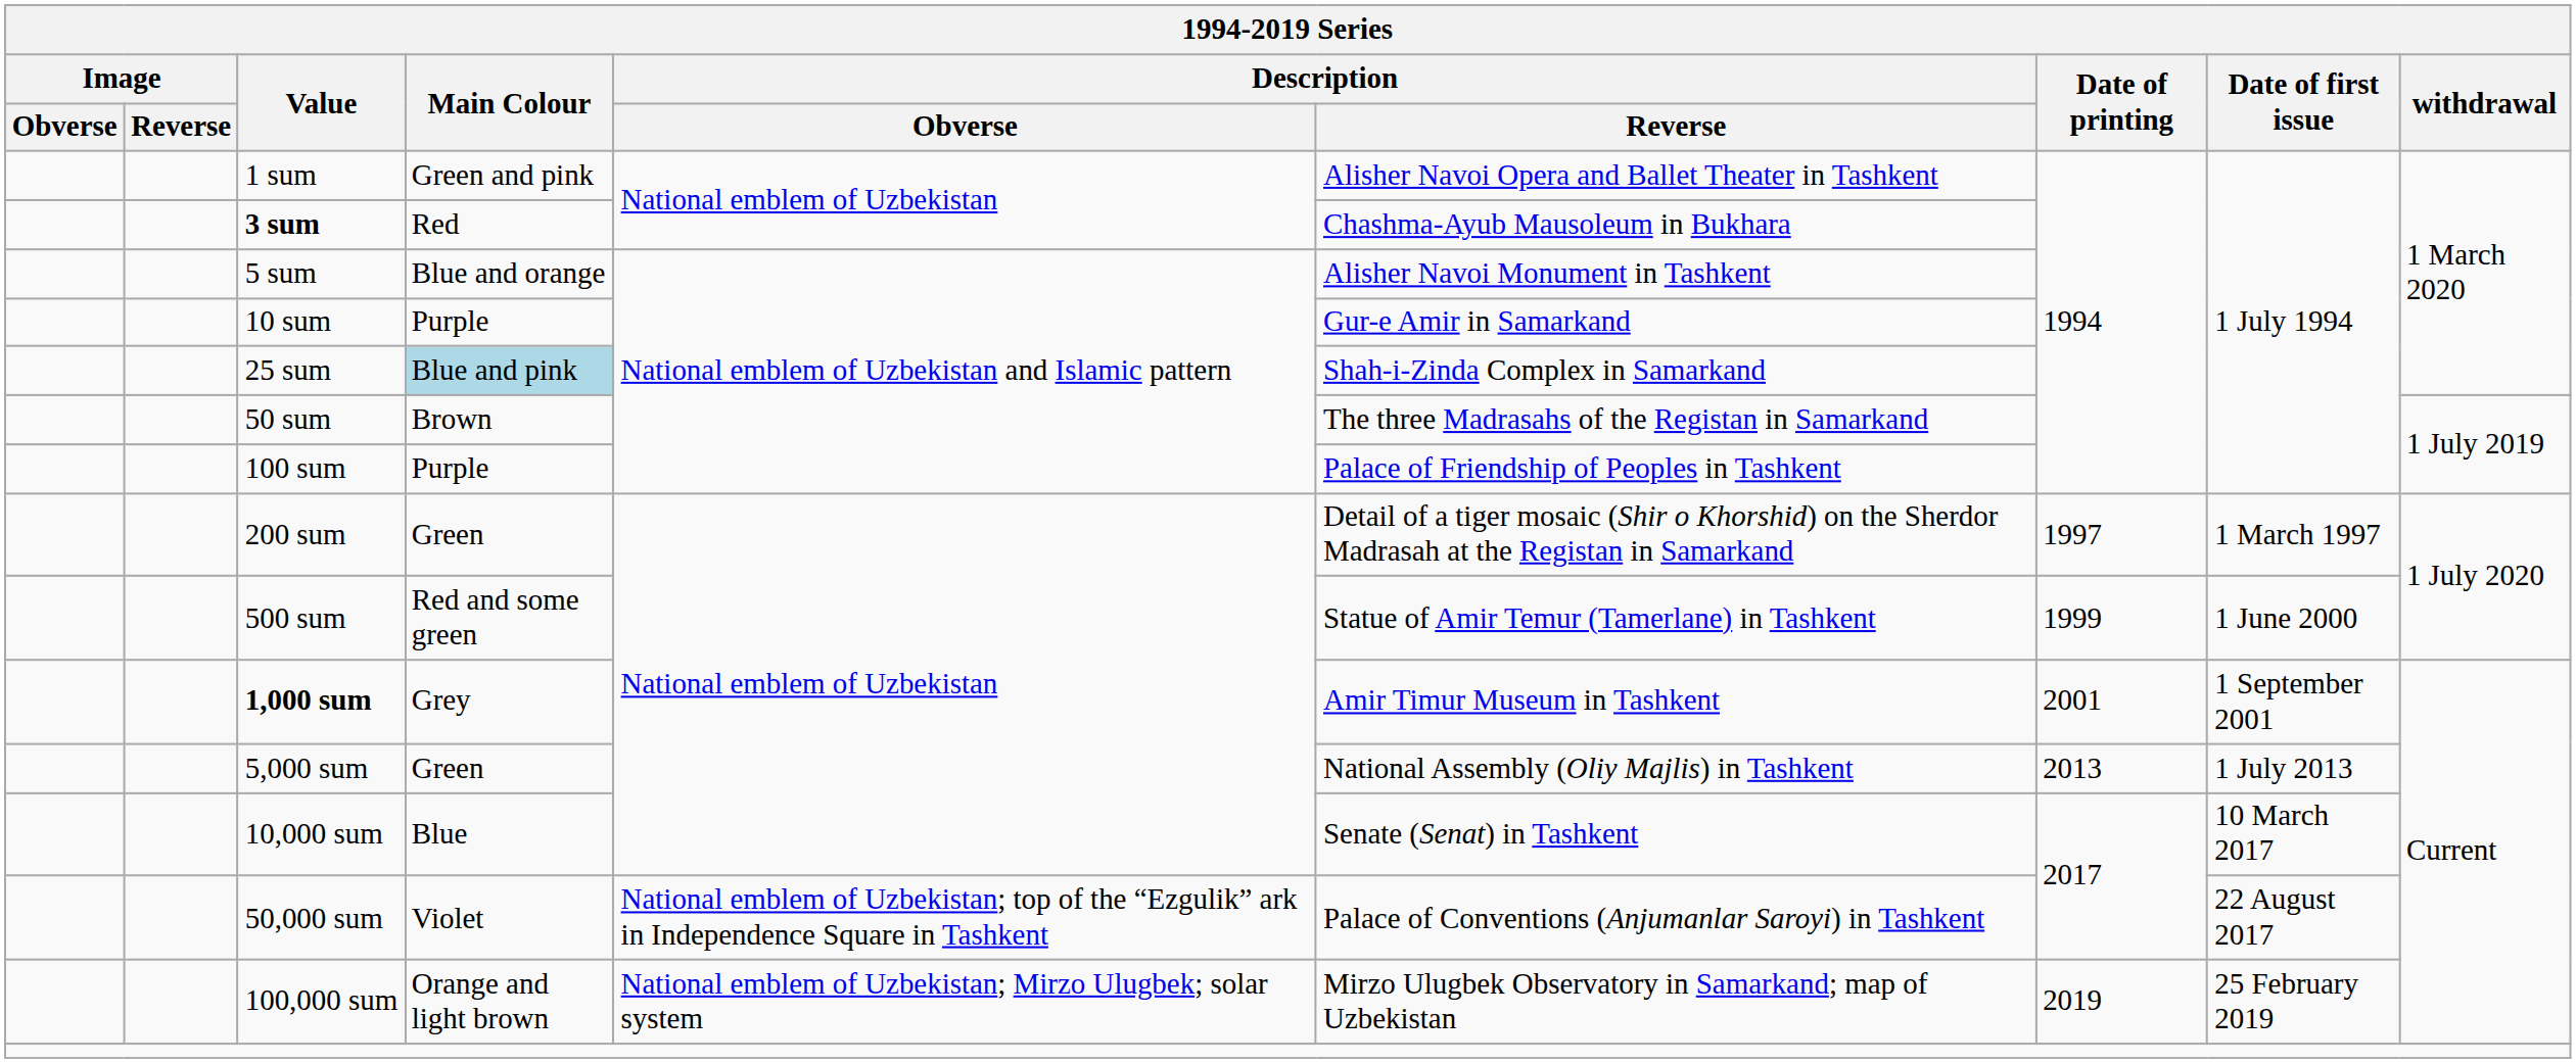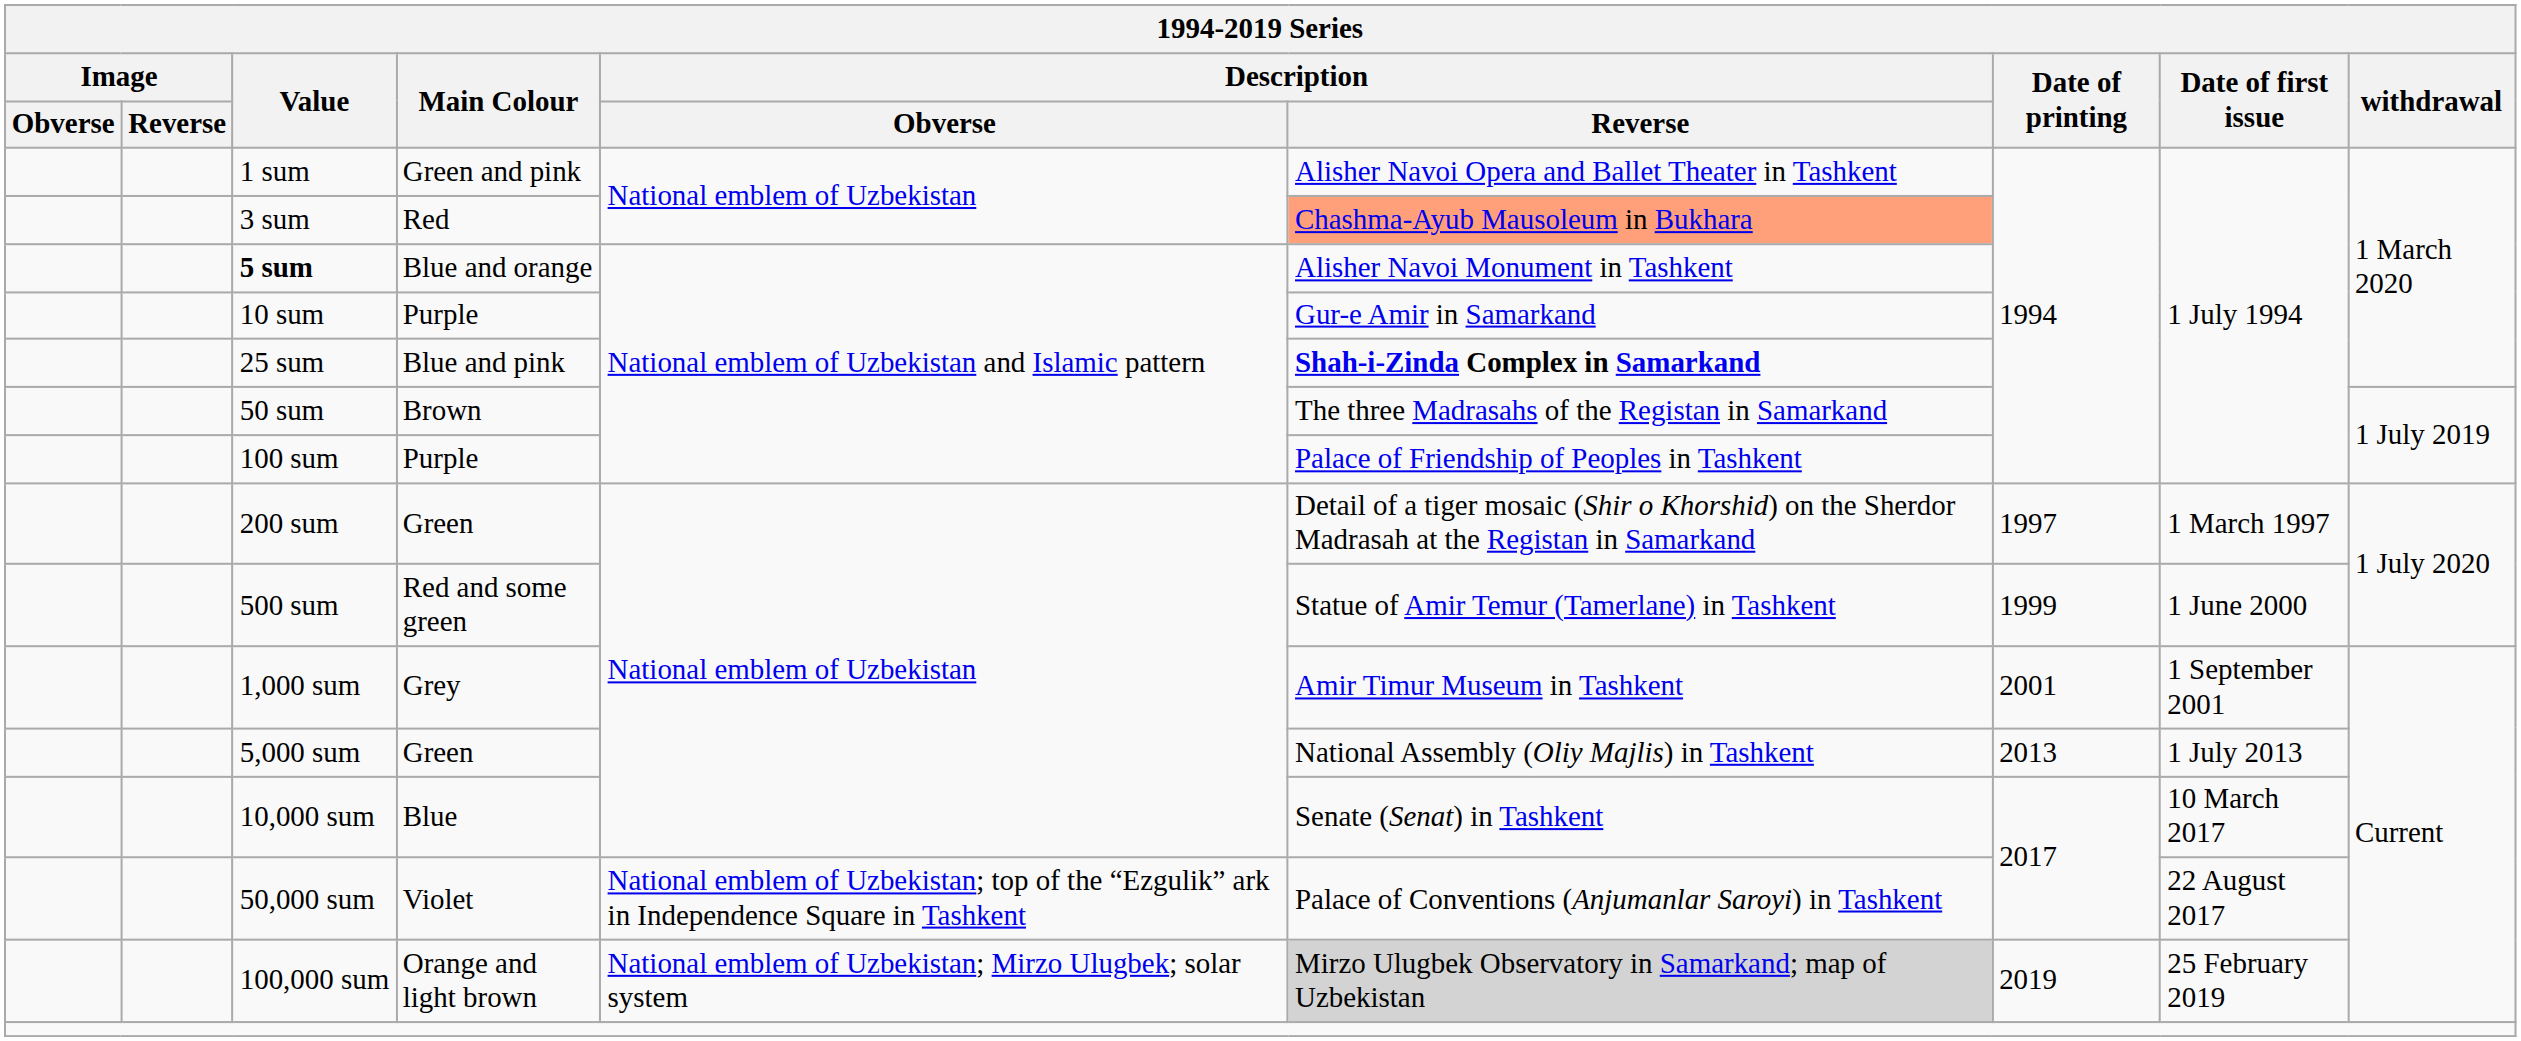 <table class="wikitable" style="font-size: 90%">
 <tr>
 <th colspan="9">1994-2019 Series</th>
 </tr>
 <tr>
 <th colspan="2">Image</th>
 <th rowspan="2">Value</th>
 <th rowspan="2">Main Colour</th>
 <th colspan="2">Description</th>
 <th rowspan="2">Date of printing</th>
 <th rowspan="2">Date of first issue</th>
 <th rowspan="2">withdrawal</th>
 </tr>
 <tr>
 <th>Obverse</th>
 <th>Reverse</th>
 <th>Obverse</th>
 <th>Reverse</th>
 </tr>
 <tr>
 <td align="center"></td>
 <td align="center"></td>
 <td>1 sum</td>
 <td>Green and pink</td>
 <td rowspan="2"><a href='#'>National emblem of Uzbekistan</a></td>
 <td><a href='#'>Alisher Navoi Opera and Ballet Theater</a> in <a href='#'>Tashkent</a></td>
 <td rowspan="7">1994</td>
 <td rowspan="7">1 July 1994</td>
 <td rowspan="5">1 March 2020</td>
 </tr>
 <tr>
 <td align="center"></td>
 <td align="center"></td>
-<td><strong>3 sum</strong></td>
+<td>3 sum</td>
 <td>Red</td>
-<td><a href='#'>Chashma-Ayub Mausoleum</a> in <a href='#'>Bukhara</a></td>
+<td style="background: lightsalmon;"><a href='#'>Chashma-Ayub Mausoleum</a> in <a href='#'>Bukhara</a></td>
 </tr>
 <tr>
 <td align="center"></td>
 <td align="center"></td>
-<td>5 sum</td>
+<td><strong>5 sum</strong></td>
 <td>Blue and orange</td>
 <td rowspan="5"><a href='#'>National emblem of Uzbekistan</a> and <a href='#'>Islamic</a> pattern</td>
 <td><a href='#'>Alisher Navoi Monument</a> in <a href='#'>Tashkent</a></td>
 </tr>
 <tr>
 <td align="center"></td>
 <td align="center"></td>
 <td>10 sum</td>
 <td>Purple</td>
 <td><a href='#'>Gur-e Amir</a> in <a href='#'>Samarkand</a></td>
 </tr>
 <tr>
 <td align="center"></td>
 <td align="center"></td>
 <td>25 sum</td>
-<td style="background: lightblue;">Blue and pink</td>
-<td><a href='#'>Shah-i-Zinda</a> Complex in <a href='#'>Samarkand</a></td>
+<td>Blue and pink</td>
+<td><strong><a href='#'>Shah-i-Zinda</a> Complex in <a href='#'>Samarkand</a></strong></td>
 </tr>
 <tr>
 <td align="center"></td>
 <td align="center"></td>
 <td>50 sum</td>
 <td>Brown</td>
 <td>The three <a href='#'>Madrasahs</a> of the <a href='#'>Registan</a> in <a href='#'>Samarkand</a></td>
 <td rowspan="2">1 July 2019</td>
 </tr>
 <tr>
 <td align="center"></td>
 <td align="center"></td>
 <td>100 sum</td>
 <td>Purple</td>
 <td><a href='#'>Palace of Friendship of Peoples</a> in <a href='#'>Tashkent</a></td>
 </tr>
 <tr>
 <td align="center"></td>
 <td align="center"></td>
 <td>200 sum</td>
 <td>Green</td>
 <td rowspan="5"><a href='#'>National emblem of Uzbekistan</a></td>
 <td>Detail of a tiger mosaiс (<em>Shir o Khorshid</em>) on the Sherdor Madrasah at the <a href='#'>Registan</a> in <a href='#'>Samarkand</a></td>
 <td>1997</td>
 <td>1 March 1997</td>
 <td rowspan="2">1 July 2020</td>
 </tr>
 <tr>
 <td align="center"></td>
 <td align="center"></td>
 <td>500 sum</td>
 <td>Red and some green</td>
 <td>Statue of <a href='#'>Amir Temur (Tamerlane)</a> in <a href='#'>Tashkent</a></td>
 <td>1999</td>
 <td>1 June 2000</td>
 </tr>
 <tr>
 <td align="center"></td>
 <td align="center"></td>
-<td><strong>1,000 sum</strong></td>
+<td>1,000 sum</td>
 <td>Grey</td>
 <td><a href='#'>Amir Timur Museum</a> in <a href='#'>Tashkent</a></td>
 <td>2001</td>
 <td>1 September 2001</td>
 <td rowspan="5">Current</td>
 </tr>
 <tr>
 <td align="center"></td>
 <td align="center"></td>
 <td>5,000 sum</td>
 <td>Green</td>
 <td>National Assembly (<em>Oliy Majlis</em>) in <a href='#'>Tashkent</a></td>
 <td>2013</td>
 <td>1 July 2013</td>
 </tr>
 <tr>
 <td align="center"></td>
 <td align="center"></td>
 <td>10,000 sum</td>
 <td>Blue</td>
 <td>Senate (<em>Senat</em>) in <a href='#'>Tashkent</a></td>
 <td rowspan="2">2017</td>
 <td>10 March 2017</td>
 </tr>
 <tr>
 <td align="center"></td>
 <td align="center"></td>
 <td>50,000 sum</td>
 <td>Violet</td>
 <td><a href='#'>National emblem of Uzbekistan</a>; top of the “Ezgulik” ark in Independence Square in <a href='#'>Tashkent</a></td>
 <td>Palace of Conventions (<em>Anjumanlar Saroyi</em>) in <a href='#'>Tashkent</a></td>
 <td>22 August 2017</td>
 </tr>
 <tr>
 <td align="center"></td>
 <td align="center"></td>
 <td>100,000 sum</td>
 <td>Orange and light brown</td>
 <td><a href='#'>National emblem of Uzbekistan</a>; <a href='#'>Mirzo Ulugbek</a>; solar system</td>
-<td>Mirzo Ulugbek Observatory in <a href='#'>Samarkand</a>; map of Uzbekistan</td>
+<td style="background: lightgrey;">Mirzo Ulugbek Observatory in <a href='#'>Samarkand</a>; map of Uzbekistan</td>
 <td>2019</td>
 <td>25 February 2019</td>
 </tr>
 <tr>
 <td colspan="9"></td>
 </tr>
 </table>
